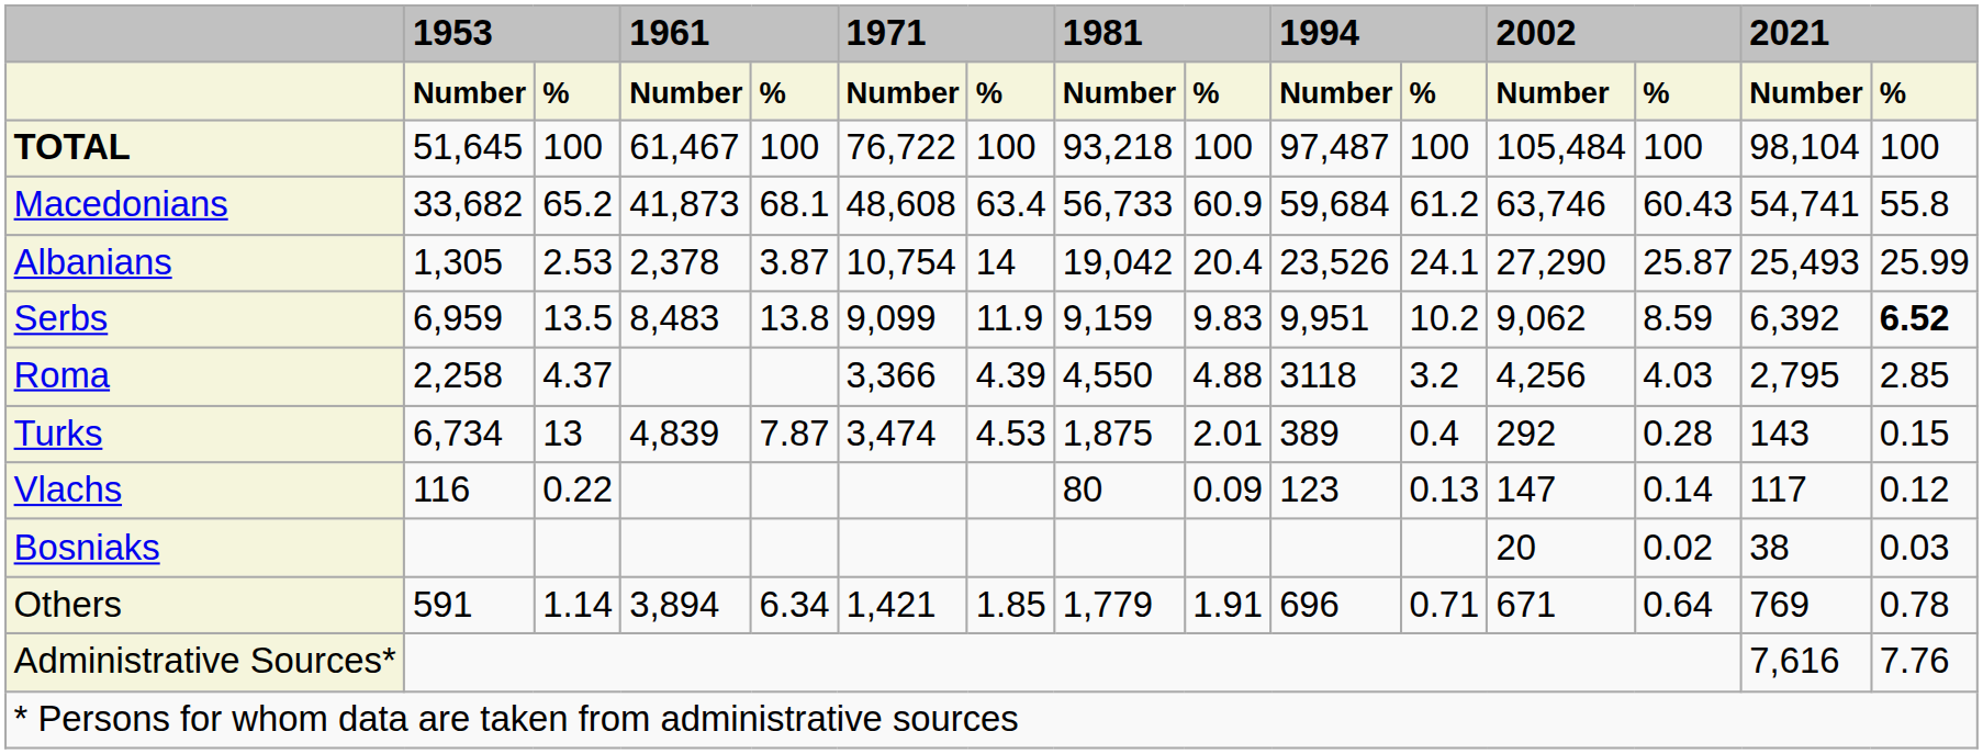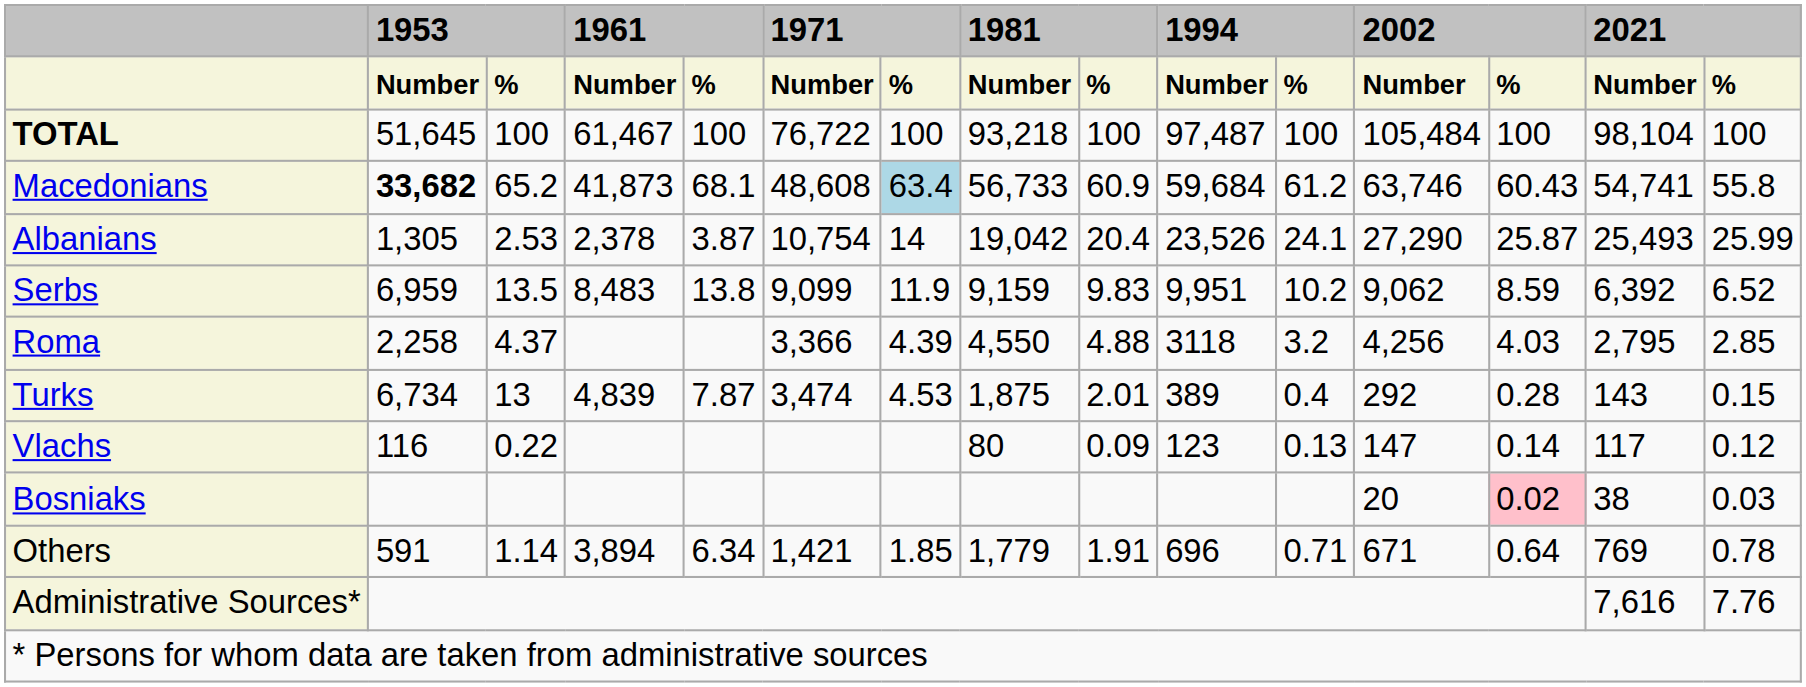 <table class="wikitable">
 <tr>
 <td style="background:#c1c1c1;"></td>
 <td colspan="2" style="background:#c1c1c1;"><strong>1953</strong></td>
 <td colspan="2" style="background:#c1c1c1;"><strong>1961</strong></td>
 <td colspan="2" style="background:#c1c1c1;"><strong>1971</strong></td>
 <td colspan="2" style="background:#c1c1c1;"><strong>1981</strong></td>
 <td colspan="2" style="background:#c1c1c1;"><strong>1994</strong></td>
 <td colspan="2" style="background:#c1c1c1;"><strong>2002</strong></td>
 <td colspan="2" style="background:#c1c1c1;"><strong>2021</strong></td>
 </tr>
 <tr>
 <td style="background:#F5F5DC;"></td>
 <td style="background:#F5F5DC;"><small><strong>Number</strong></small></td>
 <td style="background:#F5F5DC;"><small><strong>%</strong></small></td>
 <td style="background:#F5F5DC;"><small><strong>Number</strong></small></td>
 <td style="background:#F5F5DC;"><small><strong>%</strong></small></td>
 <td style="background:#F5F5DC;"><small><strong>Number</strong></small></td>
 <td style="background:#F5F5DC;"><small><strong>%</strong></small></td>
 <td style="background:#F5F5DC;"><small><strong>Number</strong></small></td>
 <td style="background:#F5F5DC;"><small><strong>%</strong></small></td>
 <td style="background:#F5F5DC;"><small><strong>Number</strong></small></td>
 <td style="background:#F5F5DC;"><small><strong>%</strong></small></td>
 <td style="background:#F5F5DC;"><small><strong>Number</strong></small></td>
 <td style="background:#F5F5DC;"><small><strong>%</strong></small></td>
 <td style="background:#F5F5DC;"><small><strong>Number</strong></small></td>
 <td style="background:#F5F5DC;"><small><strong>%</strong></small></td>
 </tr>
 <tr>
 <td style="background:#F5F5DC;"><strong>TOTAL</strong></td>
 <td>51,645</td>
 <td>100</td>
 <td>61,467</td>
 <td>100</td>
 <td>76,722</td>
 <td>100</td>
 <td>93,218</td>
 <td>100</td>
 <td>97,487</td>
 <td>100</td>
 <td>105,484</td>
 <td>100</td>
 <td>98,104</td>
 <td>100</td>
 </tr>
 <tr>
 <td style="background:#F5F5DC;"><a href='#'>Macedonians</a></td>
-<td>33,682</td>
+<td><strong>33,682</strong></td>
 <td>65.2</td>
 <td>41,873</td>
 <td>68.1</td>
 <td>48,608</td>
-<td>63.4</td>
+<td style="background: lightblue;">63.4</td>
 <td>56,733</td>
 <td>60.9</td>
 <td>59,684</td>
 <td>61.2</td>
 <td>63,746</td>
 <td>60.43</td>
 <td>54,741</td>
 <td>55.8</td>
 </tr>
 <tr>
 <td style="background:#F5F5DC;"><a href='#'>Albanians</a></td>
 <td>1,305</td>
 <td>2.53</td>
 <td>2,378</td>
 <td>3.87</td>
 <td>10,754</td>
 <td>14</td>
 <td>19,042</td>
 <td>20.4</td>
 <td>23,526</td>
 <td>24.1</td>
 <td>27,290</td>
 <td>25.87</td>
 <td>25,493</td>
 <td>25.99</td>
 </tr>
 <tr>
 <td style="background:#F5F5DC;"><a href='#'>Serbs</a></td>
 <td>6,959</td>
 <td>13.5</td>
 <td>8,483</td>
 <td>13.8</td>
 <td>9,099</td>
 <td>11.9</td>
 <td>9,159</td>
 <td>9.83</td>
 <td>9,951</td>
 <td>10.2</td>
 <td>9,062</td>
 <td>8.59</td>
 <td>6,392</td>
-<td><strong>6.52</strong></td>
+<td>6.52</td>
 </tr>
 <tr>
 <td style="background:#F5F5DC;"><a href='#'>Roma</a></td>
 <td>2,258</td>
 <td>4.37</td>
 <td></td>
 <td></td>
 <td>3,366</td>
 <td>4.39</td>
 <td>4,550</td>
 <td>4.88</td>
 <td>3118</td>
 <td>3.2</td>
 <td>4,256</td>
 <td>4.03</td>
 <td>2,795</td>
 <td>2.85</td>
 </tr>
 <tr>
 <td style="background:#F5F5DC;"><a href='#'>Turks</a></td>
 <td>6,734</td>
 <td>13</td>
 <td>4,839</td>
 <td>7.87</td>
 <td>3,474</td>
 <td>4.53</td>
 <td>1,875</td>
 <td>2.01</td>
 <td>389</td>
 <td>0.4</td>
 <td>292</td>
 <td>0.28</td>
 <td>143</td>
 <td>0.15</td>
 </tr>
 <tr>
 <td style="background:#F5F5DC;"><a href='#'>Vlachs</a></td>
 <td>116</td>
 <td>0.22</td>
 <td></td>
 <td></td>
 <td></td>
 <td></td>
 <td>80</td>
 <td>0.09</td>
 <td>123</td>
 <td>0.13</td>
 <td>147</td>
 <td>0.14</td>
 <td>117</td>
 <td>0.12</td>
 </tr>
 <tr>
 <td style="background:#F5F5DC;"><a href='#'>Bosniaks</a></td>
 <td></td>
 <td></td>
 <td></td>
 <td></td>
 <td></td>
 <td></td>
 <td></td>
 <td></td>
 <td></td>
 <td></td>
 <td>20</td>
-<td>0.02</td>
+<td style="background: pink;">0.02</td>
 <td>38</td>
 <td>0.03</td>
 </tr>
 <tr>
 <td style="background:#F5F5DC;">Others</td>
 <td>591</td>
 <td>1.14</td>
 <td>3,894</td>
 <td>6.34</td>
 <td>1,421</td>
 <td>1.85</td>
 <td>1,779</td>
 <td>1.91</td>
 <td>696</td>
 <td>0.71</td>
 <td>671</td>
 <td>0.64</td>
 <td>769</td>
 <td>0.78</td>
 </tr>
 <tr>
 <td style="background:#F5F5DC;">Administrative Sources*</td>
 <td colspan="12"></td>
 <td>7,616</td>
 <td>7.76</td>
 </tr>
 <tr>
 <td colspan="15">* Persons for whom data are taken from administrative sources</td>
 </tr>
 </table>
